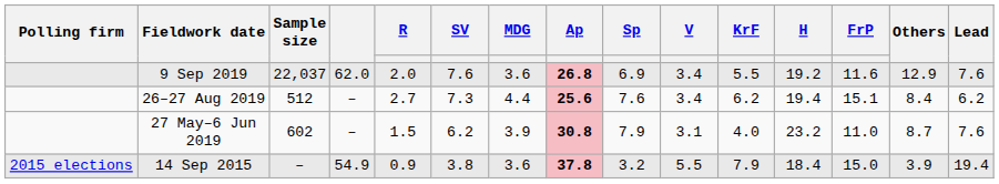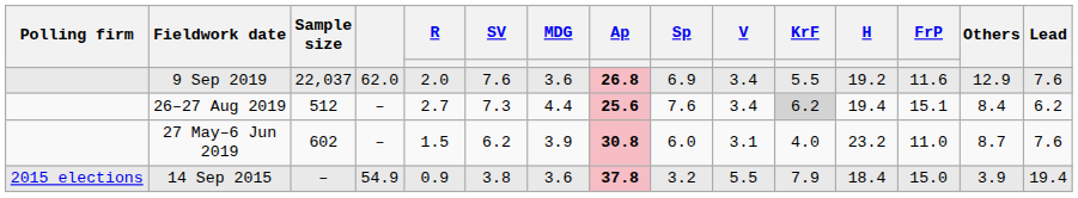 <table class="wikitable sortable" style="text-align:center;font-size:90%;line-height:14px;">
 <tr style="height:40px;">
 <th style="width:100px;" rowspan="2">Polling firm</th>
 <th style="width:100px;" rowspan="2">Fieldwork date</th>
 <th style="width:35px;" rowspan="2">Sample<br>size</th>
 <th style="width:30px;" rowspan="2"></th>
 <th class="unsortable" style="width:40px;"><a href='#'>R</a></th>
 <th class="unsortable" style="width:40px;"><a href='#'>SV</a></th>
 <th class="unsortable" style="width:40px;"><a href='#'>MDG</a></th>
 <th class="unsortable" style="width:40px;"><a href='#'>Ap</a></th>
 <th class="unsortable" style="width:40px;"><a href='#'>Sp</a></th>
 <th class="unsortable" style="width:40px;"><a href='#'>V</a></th>
 <th class="unsortable" style="width:40px;"><a href='#'>KrF</a></th>
 <th class="unsortable" style="width:40px;"><a href='#'>H</a></th>
 <th class="unsortable" style="width:40px;"><a href='#'>FrP</a></th>
 <th class="unsortable" style="width:30px;" rowspan="2">Others</th>
 <th style="width:30px;" rowspan="2">Lead</th>
 </tr>
 <tr>
 <th style="background:"></th>
 <th style="background:"></th>
 <th style="background:"></th>
 <th style="background:"></th>
 <th style="background:"></th>
 <th style="background:"></th>
 <th style="background:"></th>
 <th style="background:"></th>
 <th style="background:"></th>
 </tr>
 <tr style="background:#E9E9E9;">
 <td></td>
 <td data-sort-value="2019-09-09">9 Sep 2019</td>
 <td>22,037</td>
 <td>62.0</td>
 <td>2.0</td>
 <td>7.6</td>
 <td>3.6</td>
 <td style="background:#F7BDC5;"><strong>26.8</strong></td>
 <td>6.9</td>
 <td>3.4</td>
 <td>5.5</td>
 <td>19.2</td>
 <td>11.6</td>
 <td>12.9</td>
 <td style="background:">7.6</td>
 </tr>
 <tr>
 <td></td>
 <td data-sort-value="2019-08-31">26–27 Aug 2019</td>
 <td>512</td>
 <td>–</td>
 <td>2.7</td>
 <td>7.3</td>
 <td>4.4</td>
 <td style="background:#F7BDC5;"><strong>25.6</strong></td>
 <td>7.6</td>
 <td>3.4</td>
-<td>6.2</td>
+<td style="background: lightgrey;">6.2</td>
 <td>19.4</td>
 <td>15.1</td>
 <td>8.4</td>
 <td style="background:">6.2</td>
 </tr>
 <tr>
 <td></td>
 <td data-sort-value="2019-06-06">27 May–6 Jun 2019</td>
 <td>602</td>
 <td>–</td>
 <td>1.5</td>
 <td>6.2</td>
 <td>3.9</td>
 <td style="background:#F7BDC5;"><strong>30.8</strong></td>
-<td>7.9</td>
+<td>6.0</td>
 <td>3.1</td>
 <td>4.0</td>
 <td>23.2</td>
 <td>11.0</td>
 <td>8.7</td>
 <td style="background:">7.6</td>
 </tr>
 <tr style="background:#E9E9E9;">
 <td><a href='#'>2015 elections</a></td>
 <td data-sort-value="2015-09-14">14 Sep 2015</td>
 <td>–</td>
 <td>54.9</td>
 <td>0.9</td>
 <td>3.8</td>
 <td>3.6</td>
 <td style="background:#F7BDC5;"><strong>37.8</strong></td>
 <td>3.2</td>
 <td>5.5</td>
 <td>7.9</td>
 <td>18.4</td>
 <td>15.0</td>
 <td>3.9</td>
 <td style="background:">19.4</td>
 </tr>
 </table>
